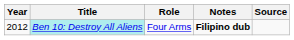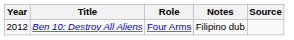 <table class="wikitable">
 <tr>
 <th>Year</th>
 <th>Title</th>
 <th>Role</th>
 <th>Notes</th>
 <th>Source</th>
 </tr>
 <tr>
 <td>2012</td>
-<td style="background: paleturquoise;"><em><a href='#'>Ben 10: Destroy All Aliens</a></em></td>
+<td><em><a href='#'>Ben 10: Destroy All Aliens</a></em></td>
 <td><a href='#'>Four Arms</a></td>
-<td><strong>Filipino dub</strong></td>
+<td>Filipino dub</td>
 <td></td>
 </tr>
 </table>
